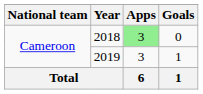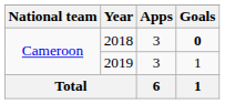 <table class="wikitable" style="text-align:center">
 <tr>
 </tr>
 <tr>
 <th>National team</th>
 <th>Year</th>
 <th>Apps</th>
 <th>Goals</th>
 </tr>
 <tr>
 <td rowspan=2><a href='#'>Cameroon</a></td>
 <td>2018</td>
-<td style="background: lightgreen;">3</td>
-<td>0</td>
+<td>3</td>
+<td><strong>0</strong></td>
 </tr>
 <tr>
 <td>2019</td>
 <td>3</td>
 <td>1</td>
 </tr>
 <tr>
 <th colspan=2>Total</th>
 <th>6</th>
 <th>1</th>
 </tr>
 </table>
